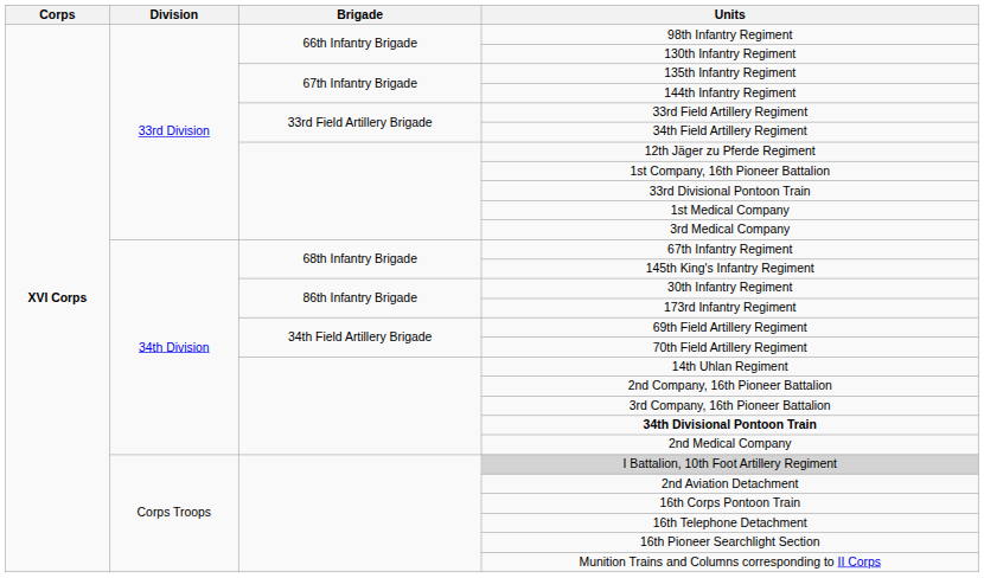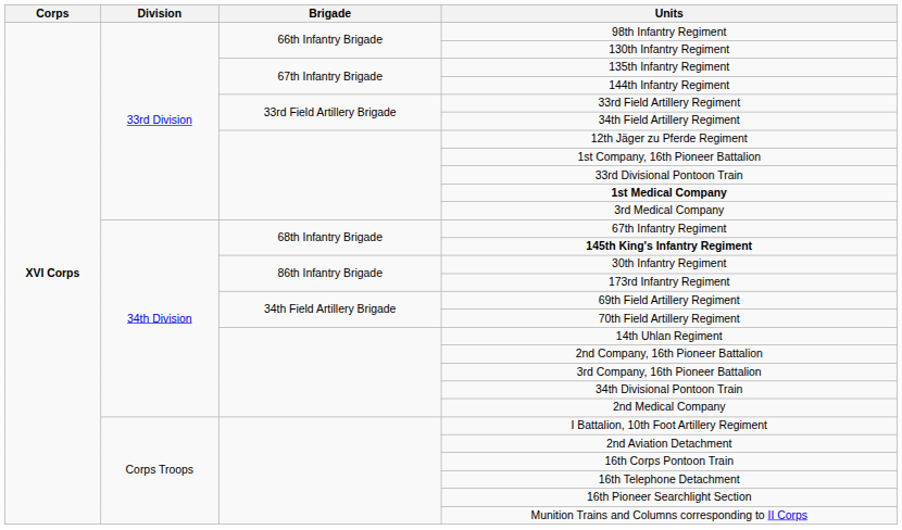 <table class="wikitable collapsible collapsed" style="text-align:center; width:100%;">
 <tr>
 <th>Corps</th>
 <th>Division</th>
 <th>Brigade</th>
 <th>Units</th>
 </tr>
 <tr>
 <td ROWSPAN=28><strong>XVI Corps</strong></td>
 <td ROWSPAN=11><a href='#'>33rd Division</a></td>
 <td ROWSPAN=2>66th Infantry Brigade</td>
 <td>98th Infantry Regiment</td>
 </tr>
 <tr>
 <td>130th Infantry Regiment</td>
 </tr>
 <tr>
 <td ROWSPAN=2>67th Infantry Brigade</td>
 <td>135th Infantry Regiment</td>
 </tr>
 <tr>
 <td>144th Infantry Regiment</td>
 </tr>
 <tr>
 <td ROWSPAN=2>33rd Field Artillery Brigade</td>
 <td>33rd Field Artillery Regiment</td>
 </tr>
 <tr>
 <td>34th Field Artillery Regiment</td>
 </tr>
 <tr>
 <td ROWSPAN=5></td>
 <td>12th Jäger zu Pferde Regiment</td>
 </tr>
 <tr>
 <td>1st Company, 16th Pioneer Battalion</td>
 </tr>
 <tr>
 <td>33rd Divisional Pontoon Train</td>
 </tr>
 <tr>
-<td>1st Medical Company</td>
+<td><strong>1st Medical Company</strong></td>
 </tr>
 <tr>
 <td>3rd Medical Company</td>
 </tr>
 <tr>
 <td ROWSPAN=11><a href='#'>34th Division</a></td>
 <td ROWSPAN=2>68th Infantry Brigade</td>
 <td>67th Infantry Regiment</td>
 </tr>
 <tr>
-<td>145th King's Infantry Regiment</td>
+<td><strong>145th King's Infantry Regiment</strong></td>
 </tr>
 <tr>
 <td ROWSPAN=2>86th Infantry Brigade</td>
 <td>30th Infantry Regiment</td>
 </tr>
 <tr>
 <td>173rd Infantry Regiment</td>
 </tr>
 <tr>
 <td ROWSPAN=2>34th Field Artillery Brigade</td>
 <td>69th Field Artillery Regiment</td>
 </tr>
 <tr>
 <td>70th Field Artillery Regiment</td>
 </tr>
 <tr>
 <td ROWSPAN=5></td>
 <td>14th Uhlan Regiment</td>
 </tr>
 <tr>
 <td>2nd Company, 16th Pioneer Battalion</td>
 </tr>
 <tr>
 <td>3rd Company, 16th Pioneer Battalion</td>
 </tr>
 <tr>
-<td><strong>34th Divisional Pontoon Train</strong></td>
+<td>34th Divisional Pontoon Train</td>
 </tr>
 <tr>
 <td>2nd Medical Company</td>
 </tr>
 <tr>
 <td ROWSPAN=6>Corps Troops</td>
 <td ROWSPAN=6></td>
-<td style="background: lightgrey;">I Battalion, 10th Foot Artillery Regiment</td>
+<td>I Battalion, 10th Foot Artillery Regiment</td>
 </tr>
 <tr>
 <td>2nd Aviation Detachment</td>
 </tr>
 <tr>
 <td>16th Corps Pontoon Train</td>
 </tr>
 <tr>
 <td>16th Telephone Detachment</td>
 </tr>
 <tr>
 <td>16th Pioneer Searchlight Section</td>
 </tr>
 <tr>
 <td>Munition Trains and Columns corresponding to <a href='#'>II Corps</a></td>
 </tr>
 </table>
